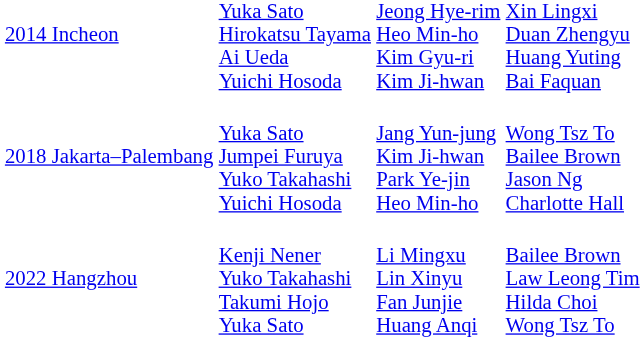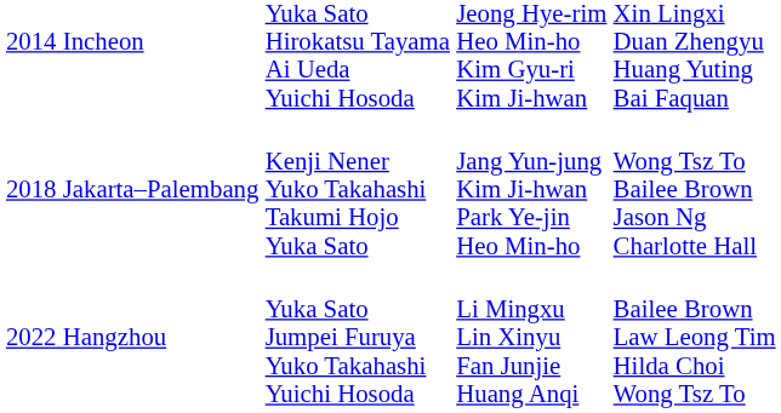 <table>
 <tr>
 <td><a href='#'>2014 Incheon</a></td>
 <td><br><a href='#'>Yuka Sato</a><br><a href='#'>Hirokatsu Tayama</a><br><a href='#'>Ai Ueda</a><br><a href='#'>Yuichi Hosoda</a></td>
 <td><br><a href='#'>Jeong Hye-rim</a><br><a href='#'>Heo Min-ho</a><br><a href='#'>Kim Gyu-ri</a><br><a href='#'>Kim Ji-hwan</a></td>
 <td><br><a href='#'>Xin Lingxi</a><br><a href='#'>Duan Zhengyu</a><br><a href='#'>Huang Yuting</a><br><a href='#'>Bai Faquan</a></td>
 </tr>
 <tr>
 <td><a href='#'>2018 Jakarta–Palembang</a></td>
-<td><br><a href='#'>Yuka Sato</a><br><a href='#'>Jumpei Furuya</a><br><a href='#'>Yuko Takahashi</a><br><a href='#'>Yuichi Hosoda</a></td>
+<td><br><a href='#'>Kenji Nener</a><br><a href='#'>Yuko Takahashi</a><br><a href='#'>Takumi Hojo</a><br><a href='#'>Yuka Sato</a></td>
 <td><br><a href='#'>Jang Yun-jung</a><br><a href='#'>Kim Ji-hwan</a><br><a href='#'>Park Ye-jin</a><br><a href='#'>Heo Min-ho</a></td>
 <td><br><a href='#'>Wong Tsz To</a><br><a href='#'>Bailee Brown</a><br><a href='#'>Jason Ng</a><br><a href='#'>Charlotte Hall</a></td>
 </tr>
 <tr>
 <td><a href='#'>2022 Hangzhou</a></td>
-<td><br><a href='#'>Kenji Nener</a><br><a href='#'>Yuko Takahashi</a><br><a href='#'>Takumi Hojo</a><br><a href='#'>Yuka Sato</a></td>
+<td><br><a href='#'>Yuka Sato</a><br><a href='#'>Jumpei Furuya</a><br><a href='#'>Yuko Takahashi</a><br><a href='#'>Yuichi Hosoda</a></td>
 <td><br><a href='#'>Li Mingxu</a><br><a href='#'>Lin Xinyu</a><br><a href='#'>Fan Junjie</a><br><a href='#'>Huang Anqi</a></td>
 <td><br><a href='#'>Bailee Brown</a><br><a href='#'>Law Leong Tim</a><br><a href='#'>Hilda Choi</a><br><a href='#'>Wong Tsz To</a></td>
 </tr>
 </table>
